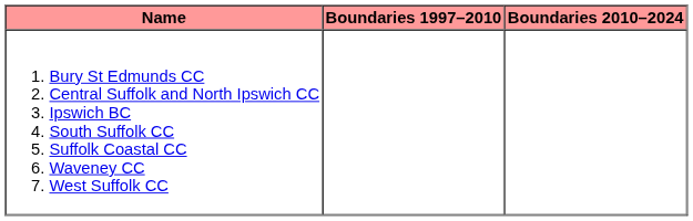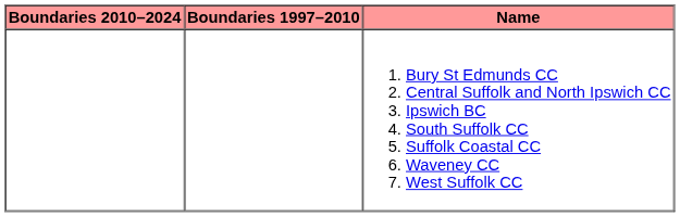 <table border=1 cellpadding="2" cellspacing="0">
 <tr>
+<th bgcolor="#ff9999">Boundaries 2010–2024</th>
+<th bgcolor="#ff9999">Boundaries 1997–2010</th>
 <th bgcolor="#ff9999">Name</th>
-<th bgcolor="#ff9999">Boundaries 1997–2010</th>
-<th bgcolor="#ff9999">Boundaries 2010–2024</th>
 </tr>
 <tr>
-<td><br><ol><li><a href='#'>Bury St Edmunds CC</a></li><li><a href='#'>Central Suffolk and North Ipswich CC</a></li><li><a href='#'>Ipswich BC</a></li><li><a href='#'>South Suffolk CC</a></li><li><a href='#'>Suffolk Coastal CC</a></li><li><a href='#'>Waveney CC</a></li><li><a href='#'>West Suffolk CC</a></li></ol></td>
 <td></td>
 <td></td>
+<td><br><ol><li><a href='#'>Bury St Edmunds CC</a></li><li><a href='#'>Central Suffolk and North Ipswich CC</a></li><li><a href='#'>Ipswich BC</a></li><li><a href='#'>South Suffolk CC</a></li><li><a href='#'>Suffolk Coastal CC</a></li><li><a href='#'>Waveney CC</a></li><li><a href='#'>West Suffolk CC</a></li></ol></td>
 </tr>
 </table>
